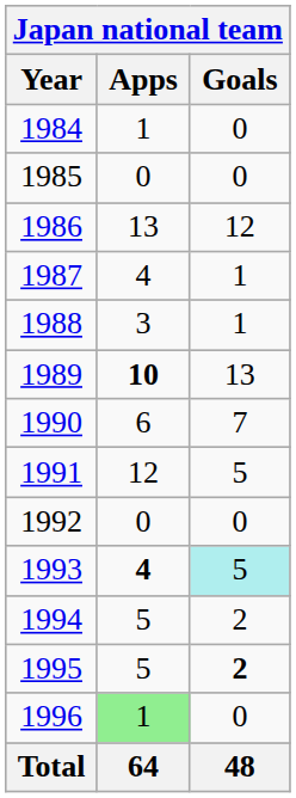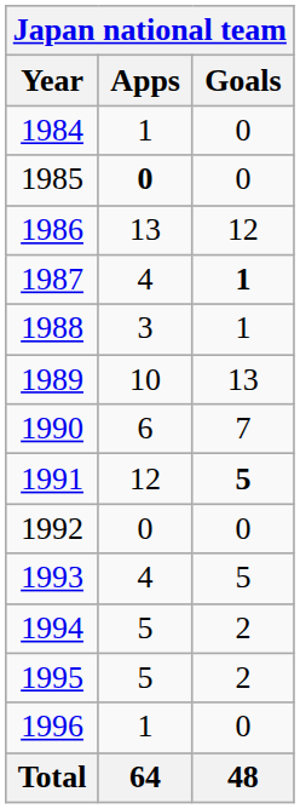 <table class="wikitable" style="text-align:center">
 <tr>
 <th colspan=3><a href='#'>Japan national team</a></th>
 </tr>
 <tr>
 <th>Year</th>
 <th>Apps</th>
 <th>Goals</th>
 </tr>
 <tr>
 <td><a href='#'>1984</a></td>
 <td>1</td>
 <td>0</td>
 </tr>
 <tr>
 <td>1985</td>
-<td>0</td>
+<td><strong>0</strong></td>
 <td>0</td>
 </tr>
 <tr>
 <td><a href='#'>1986</a></td>
 <td>13</td>
 <td>12</td>
 </tr>
 <tr>
 <td><a href='#'>1987</a></td>
 <td>4</td>
-<td>1</td>
+<td><strong>1</strong></td>
 </tr>
 <tr>
 <td><a href='#'>1988</a></td>
 <td>3</td>
 <td>1</td>
 </tr>
 <tr>
 <td><a href='#'>1989</a></td>
-<td><strong>10</strong></td>
+<td>10</td>
 <td>13</td>
 </tr>
 <tr>
 <td><a href='#'>1990</a></td>
 <td>6</td>
 <td>7</td>
 </tr>
 <tr>
 <td><a href='#'>1991</a></td>
 <td>12</td>
-<td>5</td>
+<td><strong>5</strong></td>
 </tr>
 <tr>
 <td>1992</td>
 <td>0</td>
 <td>0</td>
 </tr>
 <tr>
 <td><a href='#'>1993</a></td>
-<td><strong>4</strong></td>
-<td style="background: paleturquoise;">5</td>
+<td>4</td>
+<td>5</td>
 </tr>
 <tr>
 <td><a href='#'>1994</a></td>
 <td>5</td>
 <td>2</td>
 </tr>
 <tr>
 <td><a href='#'>1995</a></td>
 <td>5</td>
-<td><strong>2</strong></td>
+<td>2</td>
 </tr>
 <tr>
 <td><a href='#'>1996</a></td>
-<td style="background: lightgreen;">1</td>
+<td>1</td>
 <td>0</td>
 </tr>
 <tr>
 <th>Total</th>
 <th>64</th>
 <th>48</th>
 </tr>
 </table>
